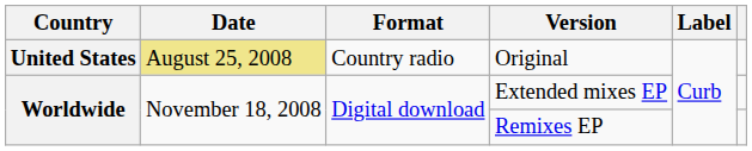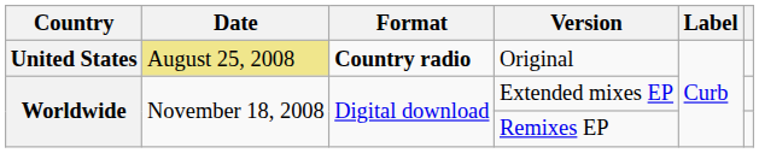 <table class="wikitable plainrowheaders">
 <tr>
 <th>Country</th>
 <th>Date</th>
 <th>Format</th>
 <th>Version</th>
 <th>Label</th>
 <th></th>
 </tr>
 <tr>
 <th scope="row">United States</th>
 <td style="background: khaki;">August 25, 2008</td>
-<td>Country radio</td>
+<td><strong>Country radio</strong></td>
 <td>Original</td>
 <td rowspan="3"><a href='#'>Curb</a></td>
 <td></td>
 </tr>
 <tr>
 <th scope="row" rowspan="2">Worldwide</th>
 <td rowspan="2">November 18, 2008</td>
 <td rowspan="2"><a href='#'>Digital download</a></td>
 <td>Extended mixes <a href='#'>EP</a></td>
 <td></td>
 </tr>
 <tr>
 <td><a href='#'>Remixes</a> EP</td>
 <td></td>
 </tr>
 </table>
